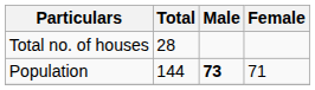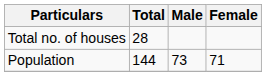 <table class="wikitable sortable">
 <tr>
 <th>Particulars</th>
 <th>Total</th>
 <th>Male</th>
 <th>Female</th>
 </tr>
 <tr>
 <td>Total no. of houses</td>
 <td>28</td>
 <td></td>
 <td></td>
 </tr>
 <tr>
 <td>Population</td>
 <td>144</td>
-<td><strong>73</strong></td>
+<td>73</td>
 <td>71</td>
 </tr>
 <tr>
 </tr>
 </table>
